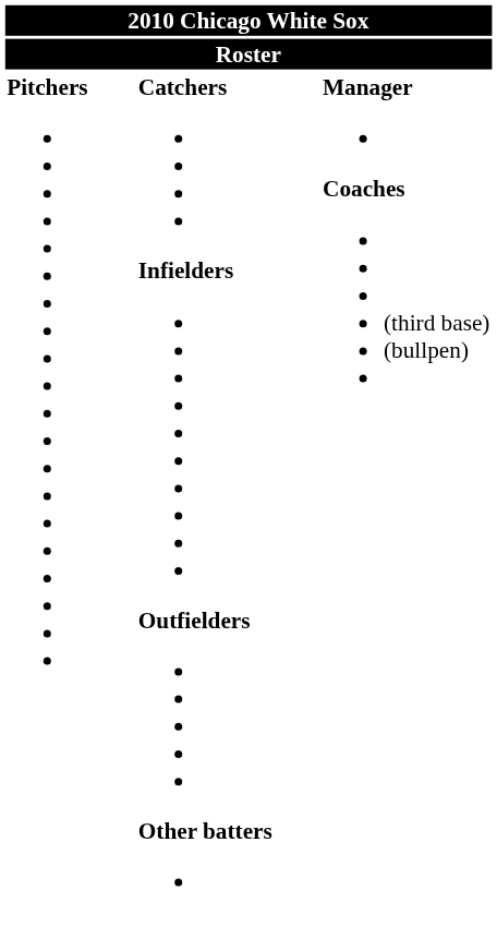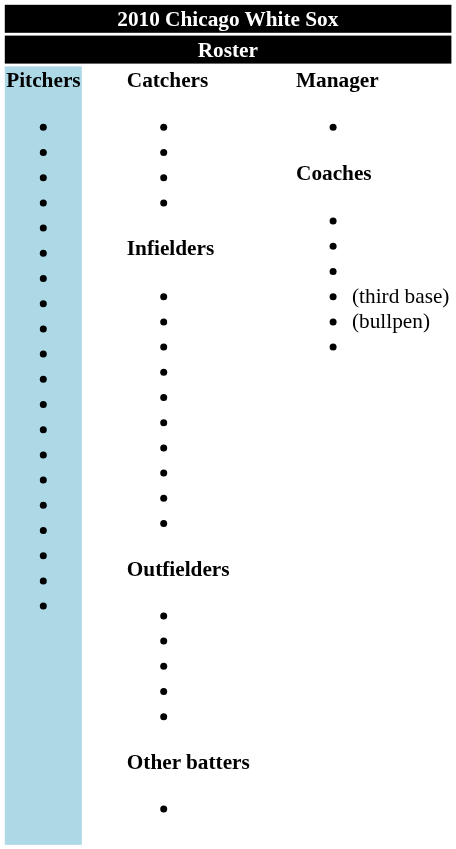 <table class="toccolours" style="font-size: 95%;">
 <tr>
 <th colspan="10" style="background:black; color:#fff; text-align:center;">2010 Chicago White Sox</th>
 </tr>
 <tr>
 <td colspan="10" style="background:black; color:white; text-align:center;"><strong>Roster</strong></td>
 </tr>
 <tr>
-<td valign="top"><strong>Pitchers</strong><br><ul><li></li><li></li><li></li><li></li><li></li><li></li><li></li><li></li><li></li><li></li><li></li><li></li><li></li><li></li><li></li><li></li><li></li><li></li><li></li><li></li></ul></td>
+<td valign="top" style="background: lightblue;"><strong>Pitchers</strong><br><ul><li></li><li></li><li></li><li></li><li></li><li></li><li></li><li></li><li></li><li></li><li></li><li></li><li></li><li></li><li></li><li></li><li></li><li></li><li></li><li></li></ul></td>
 <td style="width:25px;"></td>
 <td valign="top"><strong>Catchers</strong><br><ul><li></li><li></li><li></li><li></li></ul><strong>Infielders</strong><ul><li></li><li></li><li></li><li></li><li></li><li></li><li></li><li></li><li></li><li></li></ul><strong>Outfielders</strong><ul><li></li><li></li><li></li><li></li><li></li></ul><strong>Other batters</strong><ul><li></li></ul></td>
 <td style="width:25px;"></td>
 <td valign="top"><strong>Manager</strong><br><ul><li></li></ul><strong>Coaches</strong><ul><li></li><li></li><li></li><li> (third base)</li><li> (bullpen)</li><li></li></ul></td>
 </tr>
 </table>
